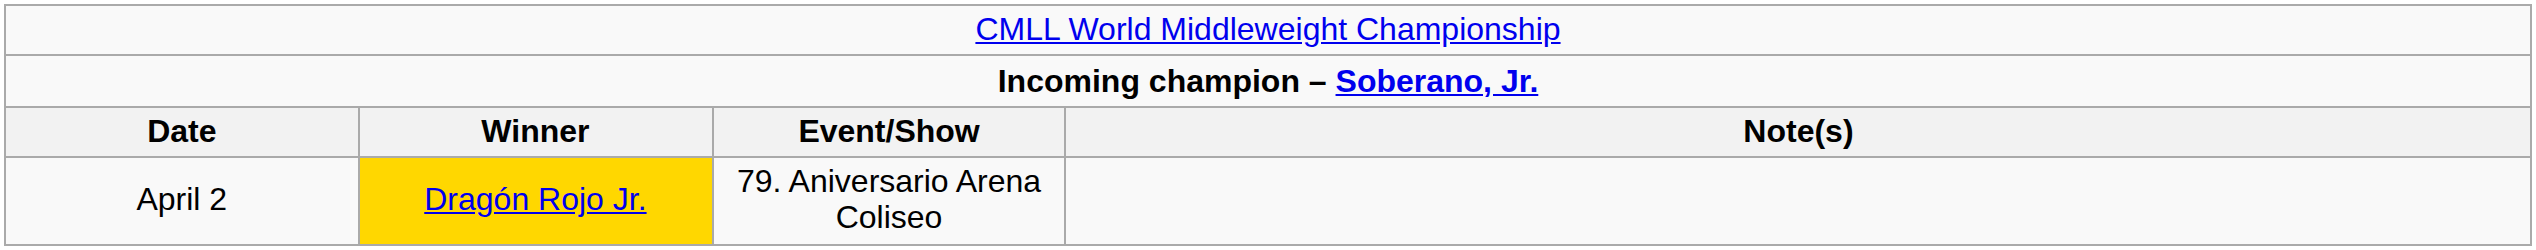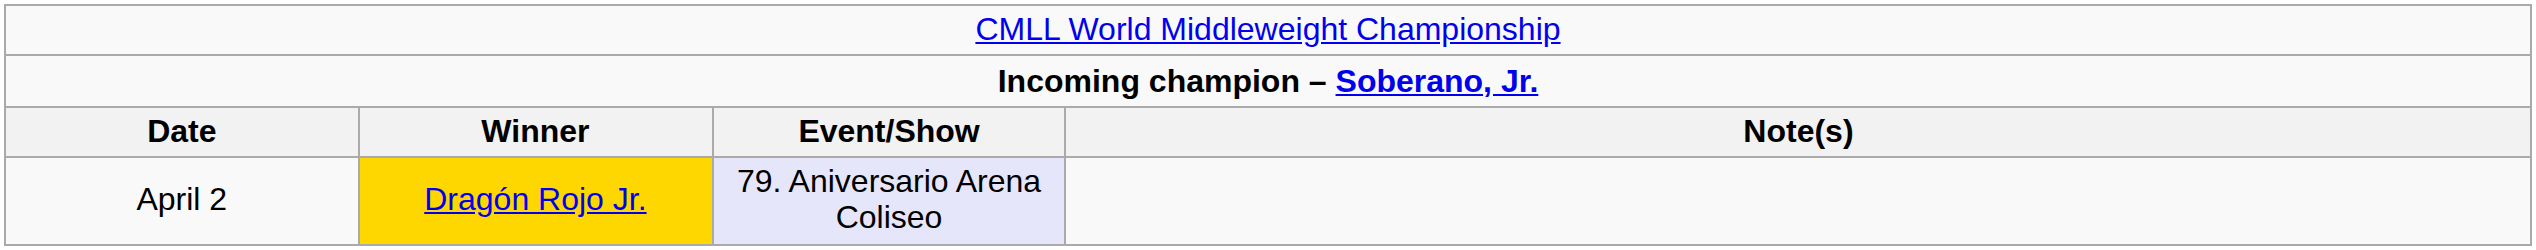 <table class="wikitable" style="text-align:center; width:100%;">
 <tr>
 <td colspan="4" style="text-align: center;"><a href='#'>CMLL World Middleweight Championship</a></td>
 </tr>
 <tr>
 <td colspan="4" style="text-align: center;"><strong>Incoming champion – <a href='#'>Soberano, Jr.</a></strong></td>
 </tr>
 <tr>
 <th width=14%>Date</th>
 <th width=14%>Winner</th>
 <th width=14%>Event/Show</th>
 <th width=58%>Note(s)</th>
 </tr>
 <tr>
 <td>April 2</td>
 <td style="background: gold;"><a href='#'>Dragón Rojo Jr.</a></td>
-<td>79. Aniversario Arena Coliseo</td>
+<td style="background: lavender;">79. Aniversario Arena Coliseo</td>
 <td></td>
 </tr>
 </table>
